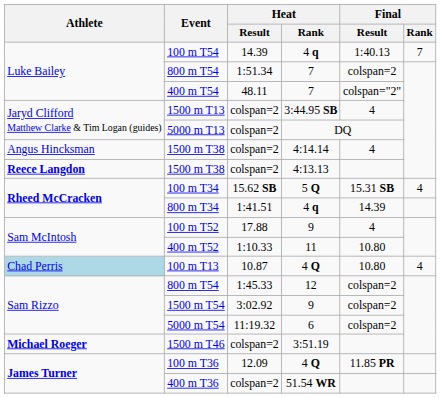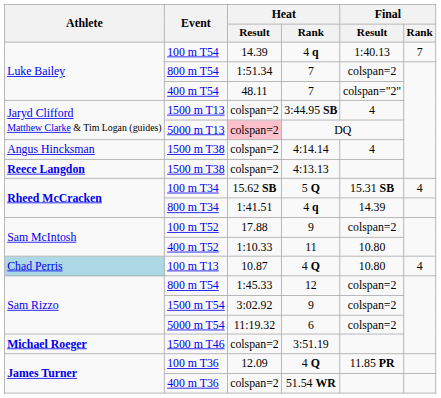 <table class="wikitable" style="font-size:90%">
 <tr>
 <th rowspan="2">Athlete</th>
 <th rowspan="2">Event</th>
 <th colspan="2">Heat</th>
 <th colspan="2">Final</th>
 </tr>
 <tr style="font-size:95%">
 <th>Result</th>
 <th>Rank</th>
 <th>Result</th>
 <th>Rank</th>
 </tr>
 <tr align=center>
 <td align=left rowspan=3><a href='#'>Luke Bailey</a></td>
 <td align=left><a href='#'>100 m T54</a></td>
 <td>14.39</td>
 <td>4 <strong>q</strong></td>
 <td>1:40.13</td>
 <td>7</td>
 </tr>
 <tr align=center>
 <td align=left><a href='#'>800 m T54</a></td>
 <td>1:51.34</td>
 <td>7</td>
 <td>colspan=2 </td>
 </tr>
 <tr align=center>
 <td align=left><a href='#'>400 m T54</a></td>
 <td>48.11</td>
 <td>7</td>
 <td>colspan="2" </td>
 </tr>
 <tr align=center>
 <td align=left rowspan=2><a href='#'>Jaryd Clifford</a> <br><small><a href='#'>Matthew Clarke</a> & Tim Logan (guides)</small></td>
 <td align=left><a href='#'>1500 m T13</a></td>
 <td>colspan=2 </td>
 <td>3:44.95 <strong>SB</strong></td>
 <td>4</td>
 </tr>
 <tr align=center>
 <td align="left"><a href='#'>5000 m T13</a></td>
-<td>colspan=2 </td>
+<td style="background: pink;">colspan=2 </td>
 <td colspan="2">DQ</td>
 </tr>
 <tr align=center>
 <td align=left><a href='#'>Angus Hincksman</a></td>
 <td align=left><a href='#'>1500 m T38</a></td>
 <td>colspan=2 </td>
 <td>4:14.14</td>
 <td>4</td>
 </tr>
 <tr align=center>
 <td align=left><strong><a href='#'>Reece Langdon</a></strong></td>
 <td align=left><a href='#'>1500 m T38</a></td>
 <td>colspan=2 </td>
 <td>4:13.13</td>
 <td></td>
 </tr>
 <tr align=center>
 <td align=left rowspan=2><strong><a href='#'>Rheed McCracken</a></strong></td>
 <td align=left><a href='#'>100 m T34</a></td>
 <td>15.62 <strong>SB</strong></td>
 <td>5 <strong>Q</strong></td>
 <td>15.31 <strong>SB</strong></td>
 <td>4</td>
 </tr>
 <tr align=center>
 <td align=left><a href='#'>800 m T34</a></td>
 <td>1:41.51</td>
 <td>4 <strong>q</strong></td>
 <td>14.39</td>
 <td></td>
 </tr>
 <tr align=center>
 <td align=left rowspan=2><a href='#'>Sam McIntosh</a></td>
 <td align=left><a href='#'>100 m T52</a></td>
 <td>17.88</td>
 <td>9</td>
-<td>4</td>
+<td>colspan=2 </td>
 </tr>
 <tr align=center>
 <td align=left><a href='#'>400 m T52</a></td>
 <td>1:10.33</td>
 <td>11</td>
 <td>10.80</td>
 </tr>
 <tr align=center>
 <td align=left style="background: lightblue;"><a href='#'>Chad Perris</a></td>
 <td align=left><a href='#'>100 m T13</a></td>
 <td>10.87</td>
 <td>4 <strong>Q</strong></td>
 <td>10.80</td>
 <td>4</td>
 </tr>
 <tr align=center>
 <td align=left rowspan=3><a href='#'>Sam Rizzo</a></td>
 <td align=left><a href='#'>800 m T54</a></td>
 <td>1:45.33</td>
 <td>12</td>
 <td>colspan=2 </td>
 </tr>
 <tr align=center>
 <td align=left><a href='#'>1500 m T54</a></td>
 <td>3:02.92</td>
 <td>9</td>
 <td>colspan=2 </td>
 </tr>
 <tr align=center>
 <td align=left><a href='#'>5000 m T54</a></td>
 <td>11:19.32</td>
 <td>6</td>
 <td>colspan=2 </td>
 </tr>
 <tr align=center>
 <td align=left><strong><a href='#'>Michael Roeger</a></strong></td>
 <td align=left><a href='#'>1500 m T46</a></td>
 <td>colspan=2 </td>
 <td>3:51.19</td>
 <td></td>
 </tr>
 <tr align=center>
 <td align=left rowspan=2><strong><a href='#'>James Turner</a></strong></td>
 <td align=left><a href='#'>100 m T36</a></td>
 <td>12.09</td>
 <td>4 <strong>Q</strong></td>
 <td>11.85 <strong>PR</strong></td>
 <td></td>
 </tr>
 <tr align=center>
 <td align=left><a href='#'>400 m T36</a></td>
 <td>colspan=2 </td>
 <td>51.54 <strong>WR</strong></td>
 <td></td>
 </tr>
 </table>
